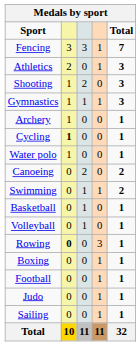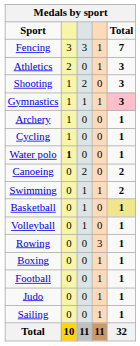 <table class="wikitable" style="font-size:85%; float: right;">
 <tr style="background:#efefef;">
 <th colspan=5>Medals by sport</th>
 </tr>
 <tr align=center>
 <td><strong>Sport</strong></td>
 <td bgcolor=#f7f6a8></td>
 <td bgcolor=#dce5e5></td>
 <td bgcolor=#ffdab9></td>
 <td><strong>Total</strong></td>
 </tr>
 <tr align=center>
 <td><a href='#'>Fencing</a></td>
 <td style="background:#F7F6A8;">3</td>
 <td style="background:#DCE5E5;">3</td>
 <td style="background:#FFDAB9;">1</td>
 <td><strong>7</strong></td>
 </tr>
 <tr align=center>
 <td><a href='#'>Athletics</a></td>
 <td style="background:#F7F6A8;">2</td>
 <td style="background:#DCE5E5;">0</td>
 <td style="background:#FFDAB9;">1</td>
 <td><strong>3</strong></td>
 </tr>
 <tr align=center>
 <td><a href='#'>Shooting</a></td>
 <td style="background:#F7F6A8;">1</td>
 <td style="background:#DCE5E5;">2</td>
 <td style="background:#FFDAB9;">0</td>
 <td><strong>3</strong></td>
 </tr>
 <tr align=center>
 <td><a href='#'>Gymnastics</a></td>
 <td style="background:#F7F6A8;">1</td>
 <td style="background:#DCE5E5;">1</td>
 <td style="background:#FFDAB9;">1</td>
-<td><strong>3</strong></td>
+<td style="background: pink;"><strong>3</strong></td>
 </tr>
 <tr align=center>
 <td><a href='#'>Archery</a></td>
 <td style="background:#F7F6A8;">1</td>
 <td style="background:#DCE5E5;">0</td>
 <td style="background:#FFDAB9;">0</td>
 <td><strong>1</strong></td>
 </tr>
 <tr align=center>
 <td><a href='#'>Cycling</a></td>
-<td style="background:#F7F6A8;"><strong>1</strong></td>
+<td style="background:#F7F6A8;">1</td>
 <td style="background:#DCE5E5;">0</td>
 <td style="background:#FFDAB9;">0</td>
 <td><strong>1</strong></td>
 </tr>
 <tr align=center>
 <td><a href='#'>Water polo</a></td>
-<td style="background:#F7F6A8;">1</td>
+<td style="background:#F7F6A8;"><strong>1</strong></td>
 <td style="background:#DCE5E5;">0</td>
 <td style="background:#FFDAB9;">0</td>
 <td><strong>1</strong></td>
 </tr>
 <tr align=center>
 <td><a href='#'>Canoeing</a></td>
 <td style="background:#F7F6A8;">0</td>
 <td style="background:#DCE5E5;">2</td>
 <td style="background:#FFDAB9;">0</td>
 <td><strong>2</strong></td>
 </tr>
 <tr align=center>
 <td><a href='#'>Swimming</a></td>
 <td style="background:#F7F6A8;">0</td>
 <td style="background:#DCE5E5;">1</td>
 <td style="background:#FFDAB9;">1</td>
 <td><strong>2</strong></td>
 </tr>
 <tr align=center>
 <td><a href='#'>Basketball</a></td>
 <td style="background:#F7F6A8;">0</td>
 <td style="background:#DCE5E5;">1</td>
 <td style="background:#FFDAB9;">0</td>
-<td><strong>1</strong></td>
+<td style="background: khaki;"><strong>1</strong></td>
 </tr>
 <tr align=center>
 <td><a href='#'>Volleyball</a></td>
 <td style="background:#F7F6A8;">0</td>
 <td style="background:#DCE5E5;">1</td>
 <td style="background:#FFDAB9;">0</td>
 <td><strong>1</strong></td>
 </tr>
 <tr align=center>
 <td><a href='#'>Rowing</a></td>
-<td style="background:#F7F6A8;"><strong>0</strong></td>
+<td style="background:#F7F6A8;">0</td>
 <td style="background:#DCE5E5;">0</td>
 <td style="background:#FFDAB9;">3</td>
 <td><strong>1</strong></td>
 </tr>
 <tr align=center>
 <td><a href='#'>Boxing</a></td>
 <td style="background:#F7F6A8;">0</td>
 <td style="background:#DCE5E5;">0</td>
 <td style="background:#FFDAB9;">1</td>
 <td><strong>1</strong></td>
 </tr>
 <tr align=center>
 <td><a href='#'>Football</a></td>
 <td style="background:#F7F6A8;">0</td>
 <td style="background:#DCE5E5;">0</td>
 <td style="background:#FFDAB9;">1</td>
 <td><strong>1</strong></td>
 </tr>
 <tr align=center>
 <td><a href='#'>Judo</a></td>
 <td style="background:#F7F6A8;">0</td>
 <td style="background:#DCE5E5;">0</td>
 <td style="background:#FFDAB9;">1</td>
 <td><strong>1</strong></td>
 </tr>
 <tr align=center>
 <td><a href='#'>Sailing</a></td>
 <td style="background:#F7F6A8;">0</td>
 <td style="background:#DCE5E5;">0</td>
 <td style="background:#FFDAB9;">1</td>
 <td><strong>1</strong></td>
 </tr>
 <tr align=center>
 <th>Total</th>
 <th style="background:gold;">10</th>
 <th style="background:silver;">11</th>
 <th style="background:#c96;">11</th>
 <th>32</th>
 </tr>
 </table>
